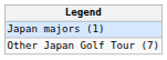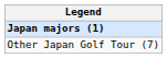 <table class="wikitable" style="font-size:95%;">
 <tr>
 <th>Legend</th>
 </tr>
 <tr style="background:#D6E8FF;">
-<td>Japan majors (1)</td>
+<td><strong>Japan majors (1)</strong></td>
 </tr>
 <tr>
 <td>Other Japan Golf Tour (7)</td>
 </tr>
 </table>
